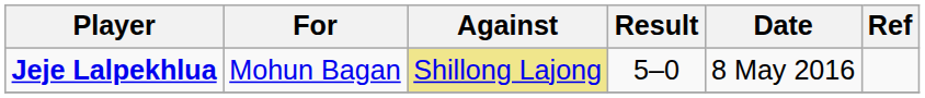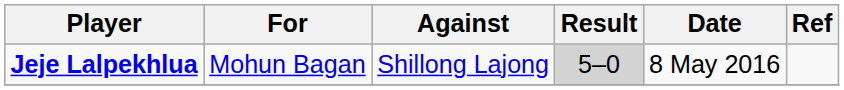 <table class="wikitable">
 <tr>
 <th>Player</th>
 <th>For</th>
 <th>Against</th>
 <th style="text-align:center">Result</th>
 <th>Date</th>
 <th>Ref</th>
 </tr>
 <tr>
 <td align="left"> <strong><a href='#'>Jeje Lalpekhlua</a></strong></td>
 <td align="left"><a href='#'>Mohun Bagan</a></td>
-<td align="left" style="background: khaki;"><a href='#'>Shillong Lajong</a></td>
-<td align="center">5–0</td>
+<td align="left"><a href='#'>Shillong Lajong</a></td>
+<td align="center" style="background: lightgrey;">5–0</td>
 <td>8 May 2016</td>
 <td></td>
 </tr>
 <tr>
 </tr>
 </table>
